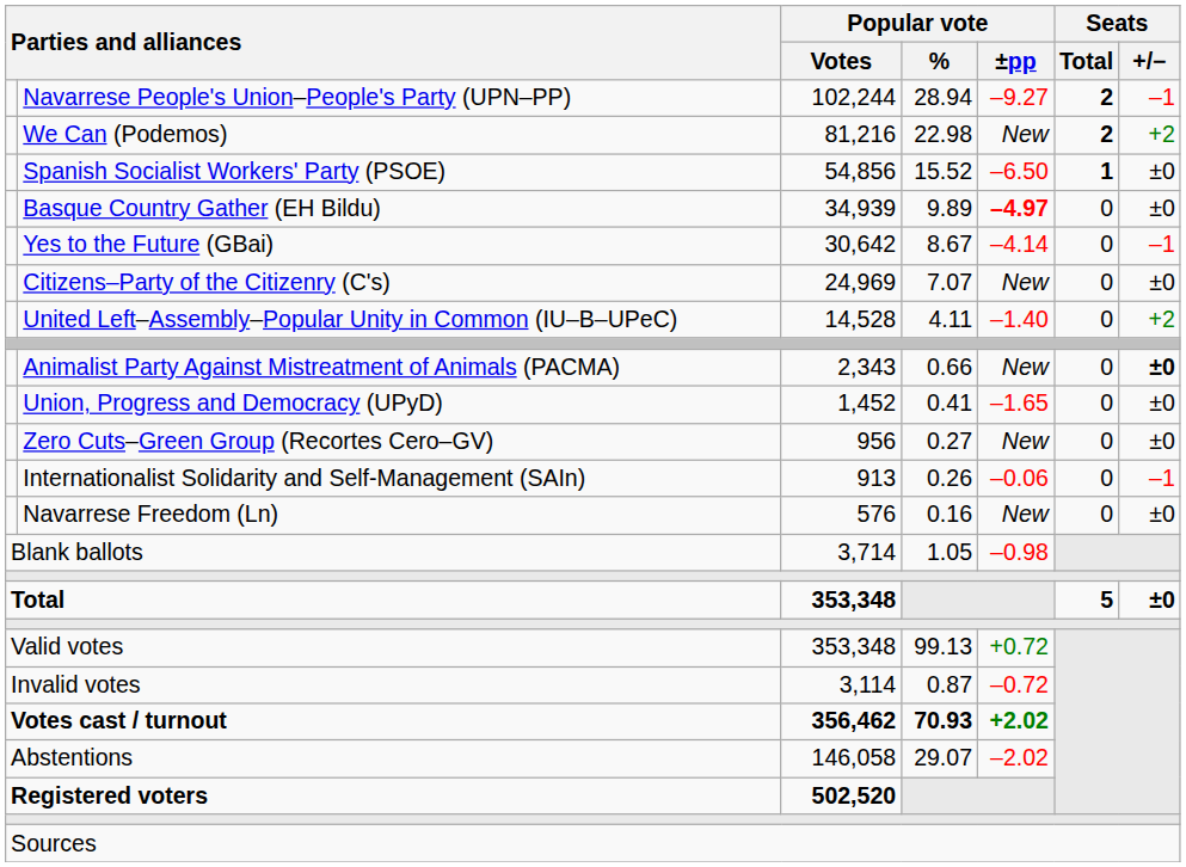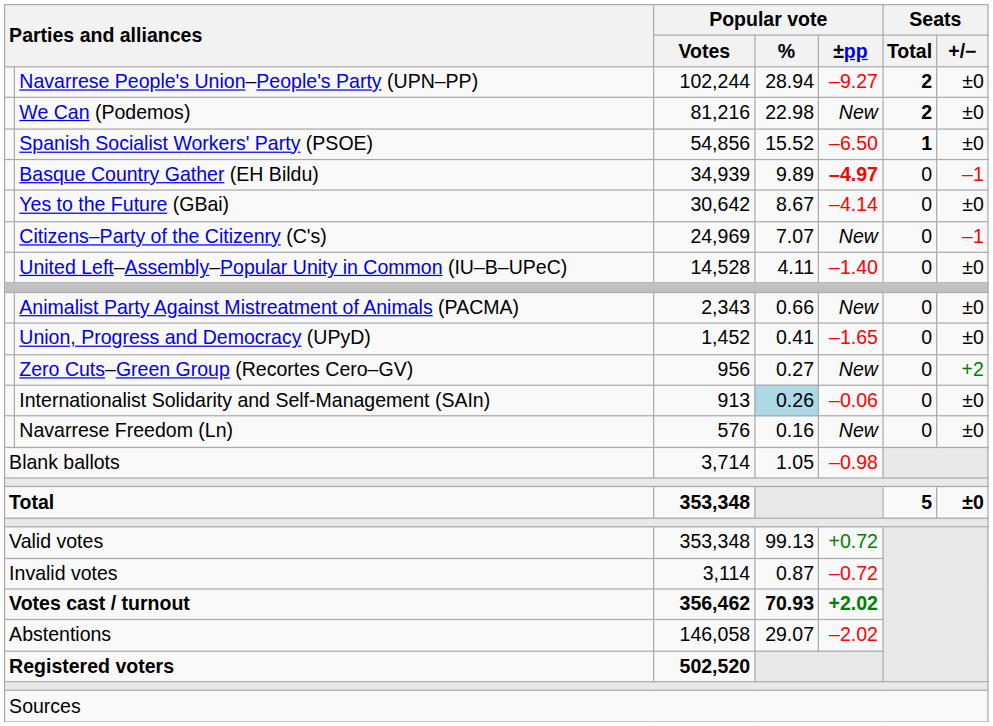 <table class="wikitable" style="text-align:right;">
 <tr>
 <th style="text-align:left;" rowspan="2" colspan="2" width="525">Parties and alliances</th>
 <th colspan="3">Popular vote</th>
 <th colspan="2">Seats</th>
 </tr>
 <tr>
 <th width="75">Votes</th>
 <th width="45">%</th>
 <th width="45">±<a href='#'>pp</a></th>
 <th width="35">Total</th>
 <th width="35">+/−</th>
 </tr>
 <tr>
 <td width="1" style="color:inherit;background:"></td>
 <td align="left"><a href='#'>Navarrese People's Union</a>–<a href='#'>People's Party</a> (UPN–PP)</td>
 <td>102,244</td>
 <td>28.94</td>
 <td style="color:red;">–9.27</td>
 <td><strong>2</strong></td>
-<td style="color:red;">–1</td>
+<td>±0</td>
 </tr>
 <tr>
 <td style="color:inherit;background:"></td>
 <td align="left"><a href='#'>We Can</a> (Podemos)</td>
 <td>81,216</td>
 <td>22.98</td>
 <td><em>New</em></td>
 <td><strong>2</strong></td>
-<td style="color:green;">+2</td>
+<td>±0</td>
 </tr>
 <tr>
 <td style="color:inherit;background:"></td>
 <td align="left"><a href='#'>Spanish Socialist Workers' Party</a> (PSOE)</td>
 <td>54,856</td>
 <td>15.52</td>
 <td style="color:red;">–6.50</td>
 <td><strong>1</strong></td>
 <td>±0</td>
 </tr>
 <tr>
 <td style="color:inherit;background:"></td>
 <td align="left"><a href='#'>Basque Country Gather</a> (EH Bildu)</td>
 <td>34,939</td>
 <td>9.89</td>
 <td style="color:red;"><strong>–4.97</strong></td>
 <td>0</td>
-<td>±0</td>
+<td style="color:red;">–1</td>
 </tr>
 <tr>
 <td style="color:inherit;background:"></td>
 <td align="left"><a href='#'>Yes to the Future</a> (GBai)</td>
 <td>30,642</td>
 <td>8.67</td>
 <td style="color:red;">–4.14</td>
 <td>0</td>
-<td style="color:red;">–1</td>
+<td>±0</td>
 </tr>
 <tr>
 <td style="color:inherit;background:"></td>
 <td align="left"><a href='#'>Citizens–Party of the Citizenry</a> (C's)</td>
 <td>24,969</td>
 <td>7.07</td>
 <td><em>New</em></td>
 <td>0</td>
-<td>±0</td>
+<td style="color:red;">–1</td>
 </tr>
 <tr>
 <td style="color:inherit;background:"></td>
 <td align="left"><a href='#'>United Left</a>–<a href='#'>Assembly</a>–<a href='#'>Popular Unity in Common</a> (IU–B–UPeC)</td>
 <td>14,528</td>
 <td>4.11</td>
 <td style="color:red;">–1.40</td>
 <td>0</td>
-<td style="color:green;">+2</td>
+<td>±0</td>
 </tr>
 <tr>
 <td colspan="7" bgcolor="#C0C0C0"></td>
 </tr>
 <tr>
 <td style="color:inherit;background:"></td>
 <td align="left"><a href='#'>Animalist Party Against Mistreatment of Animals</a> (PACMA)</td>
 <td>2,343</td>
 <td>0.66</td>
 <td><em>New</em></td>
 <td>0</td>
-<td><strong>±0</strong></td>
+<td>±0</td>
 </tr>
 <tr>
 <td style="color:inherit;background:"></td>
 <td align="left"><a href='#'>Union, Progress and Democracy</a> (UPyD)</td>
 <td>1,452</td>
 <td>0.41</td>
 <td style="color:red;">–1.65</td>
 <td>0</td>
 <td>±0</td>
 </tr>
 <tr>
 <td style="color:inherit;background:"></td>
 <td align="left"><a href='#'>Zero Cuts</a>–<a href='#'>Green Group</a> (Recortes Cero–GV)</td>
 <td>956</td>
 <td>0.27</td>
 <td><em>New</em></td>
 <td>0</td>
-<td>±0</td>
+<td style="color:green;">+2</td>
 </tr>
 <tr>
 <td style="color:inherit;background:"></td>
 <td align="left">Internationalist Solidarity and Self-Management (SAIn)</td>
 <td>913</td>
-<td>0.26</td>
+<td style="background: lightblue;">0.26</td>
 <td style="color:red;">–0.06</td>
 <td>0</td>
-<td style="color:red;">–1</td>
+<td>±0</td>
 </tr>
 <tr>
 <td style="color:inherit;background:"></td>
 <td align="left">Navarrese Freedom (Ln)</td>
 <td>576</td>
 <td>0.16</td>
 <td><em>New</em></td>
 <td>0</td>
 <td>±0</td>
 </tr>
 <tr>
 <td align="left" colspan="2">Blank ballots</td>
 <td>3,714</td>
 <td>1.05</td>
 <td style="color:red;">–0.98</td>
 <td bgcolor="#E9E9E9" colspan="2"></td>
 </tr>
 <tr>
 <td colspan="7" bgcolor="#E9E9E9"></td>
 </tr>
 <tr style="font-weight:bold;">
 <td align="left" colspan="2">Total</td>
 <td>353,348</td>
 <td bgcolor="#E9E9E9" colspan="2"></td>
 <td>5</td>
 <td>±0</td>
 </tr>
 <tr>
 <td colspan="7" bgcolor="#E9E9E9"></td>
 </tr>
 <tr>
 <td align="left" colspan="2">Valid votes</td>
 <td>353,348</td>
 <td>99.13</td>
 <td style="color:green;">+0.72</td>
 <td bgcolor="#E9E9E9" colspan="2" rowspan="5"></td>
 </tr>
 <tr>
 <td align="left" colspan="2">Invalid votes</td>
 <td>3,114</td>
 <td>0.87</td>
 <td style="color:red;">–0.72</td>
 </tr>
 <tr style="font-weight:bold;">
 <td align="left" colspan="2">Votes cast / turnout</td>
 <td>356,462</td>
 <td>70.93</td>
 <td style="color:green;">+2.02</td>
 </tr>
 <tr>
 <td align="left" colspan="2">Abstentions</td>
 <td>146,058</td>
 <td>29.07</td>
 <td style="color:red;">–2.02</td>
 </tr>
 <tr style="font-weight:bold;">
 <td align="left" colspan="2">Registered voters</td>
 <td>502,520</td>
 <td bgcolor="#E9E9E9" colspan="2"></td>
 </tr>
 <tr>
 <td colspan="7" bgcolor="#E9E9E9"></td>
 </tr>
 <tr>
 <td align="left" colspan="7">Sources</td>
 </tr>
 </table>
